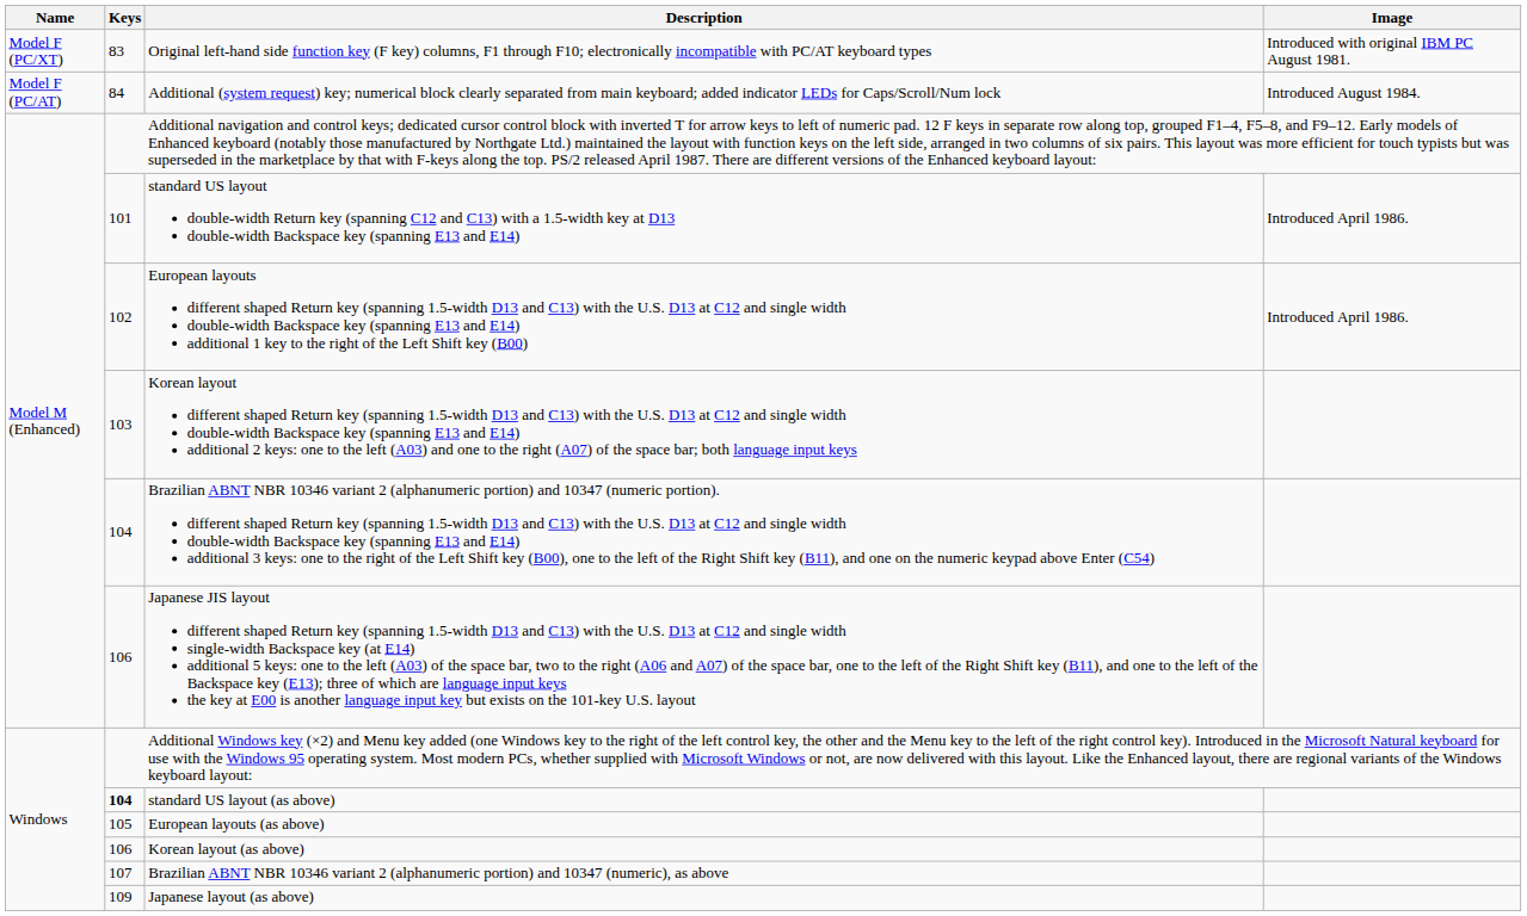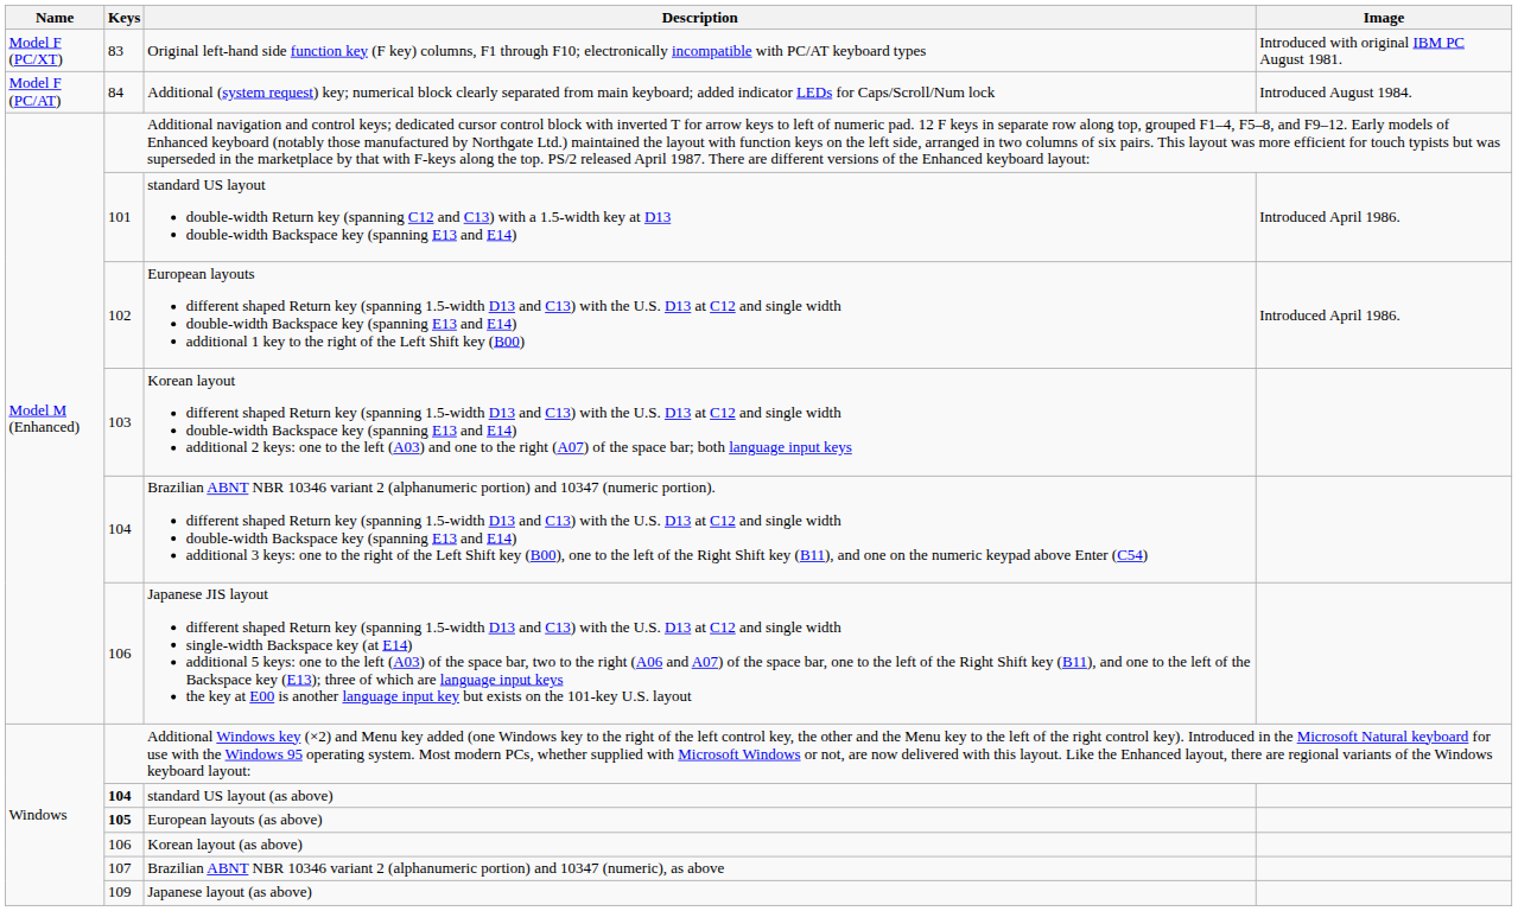 <table class="wikitable">
 <tr>
 <th scope="col">Name</th>
 <th>Keys</th>
 <th>Description</th>
 <th>Image</th>
 </tr>
 <tr>
 <td><a href='#'>Model F</a> (<a href='#'>PC/XT</a>)</td>
 <td>83</td>
 <td>Original left-hand side <a href='#'>function key</a> (F key) columns, F1 through F10; electronically <a href='#'>incompatible</a> with PC/AT keyboard types</td>
 <td> Introduced with original <a href='#'>IBM PC</a> August 1981.</td>
 </tr>
 <tr>
 <td><a href='#'>Model F</a> (<a href='#'>PC/AT</a>)</td>
 <td>84</td>
 <td>Additional  (<a href='#'>system request</a>) key; numerical block clearly separated from main keyboard; added indicator <a href='#'>LEDs</a> for Caps/Scroll/Num lock</td>
 <td> Introduced August 1984.</td>
 </tr>
 <tr>
 <td rowspan="6"><a href='#'>Model M</a> (Enhanced)</td>
 <td style="border-right:none"></td>
 <td style="border-left:none" colspan= "3">Additional navigation and control keys; dedicated cursor control block with inverted T for arrow keys to left of numeric pad. 12 F keys in separate row along top, grouped F1–4, F5–8, and F9–12. Early models of Enhanced keyboard (notably those manufactured by Northgate Ltd.) maintained the layout with function keys on the left side, arranged in two columns of six pairs.  This layout was more efficient for touch typists but was superseded in the marketplace by that with F-keys along the top. PS/2 released April 1987. There are different versions of the Enhanced keyboard layout:</td>
 </tr>
 <tr>
 <td>101</td>
 <td>standard US layout<br><ul><li>double-width Return key (spanning <a href='#'>C12</a> and <a href='#'>C13</a>) with a 1.5-width key at <a href='#'>D13</a></li><li>double-width Backspace key (spanning <a href='#'>E13</a> and <a href='#'>E14</a>)</li></ul></td>
 <td> Introduced April 1986.</td>
 </tr>
 <tr>
 <td><span>102</span></td>
 <td>European layouts<br><ul><li>different shaped Return key (spanning 1.5-width <a href='#'>D13</a> and <a href='#'>C13</a>) with the U.S. <a href='#'>D13</a> at <a href='#'>C12</a> and single width</li><li>double-width Backspace key (spanning <a href='#'>E13</a> and <a href='#'>E14</a>)</li><li>additional 1 key to the right of the Left Shift key (<a href='#'>B00</a>)</li></ul></td>
 <td> Introduced April 1986.</td>
 </tr>
 <tr>
 <td>103</td>
 <td>Korean layout<br><ul><li>different shaped Return key (spanning 1.5-width <a href='#'>D13</a> and <a href='#'>C13</a>) with the U.S. <a href='#'>D13</a> at <a href='#'>C12</a> and single width</li><li>double-width Backspace key (spanning <a href='#'>E13</a> and <a href='#'>E14</a>)</li><li>additional 2 keys: one to the left (<a href='#'>A03</a>) and one to the right (<a href='#'>A07</a>) of the space bar; both <a href='#'>language input keys</a></li></ul></td>
 <td></td>
 </tr>
 <tr>
 <td>104</td>
 <td>Brazilian <a href='#'>ABNT</a> NBR 10346 variant 2 (alphanumeric portion) and 10347 (numeric portion).<br><ul><li>different shaped Return key (spanning 1.5-width <a href='#'>D13</a> and <a href='#'>C13</a>) with the U.S. <a href='#'>D13</a> at <a href='#'>C12</a> and single width</li><li>double-width Backspace key (spanning <a href='#'>E13</a> and <a href='#'>E14</a>)</li><li>additional 3 keys: one to the right of the Left Shift key (<a href='#'>B00</a>), one to the left of the Right Shift key (<a href='#'>B11</a>), and one on the numeric keypad above Enter (<a href='#'>C54</a>)</li></ul></td>
 <td></td>
 </tr>
 <tr>
 <td>106</td>
 <td>Japanese JIS layout<br><ul><li>different shaped Return key (spanning 1.5-width <a href='#'>D13</a> and <a href='#'>C13</a>) with the U.S. <a href='#'>D13</a> at <a href='#'>C12</a> and single width</li><li>single-width Backspace key (at <a href='#'>E14</a>)</li><li>additional 5 keys: one to the left (<a href='#'>A03</a>) of the space bar, two to the right (<a href='#'>A06</a> and <a href='#'>A07</a>) of the space bar, one to the left of the Right Shift key (<a href='#'>B11</a>), and one to the left of the Backspace key (<a href='#'>E13</a>); three of which are <a href='#'>language input keys</a></li><li>the key at <a href='#'>E00</a> is another <a href='#'>language input key</a> but exists on the 101-key U.S. layout</li></ul></td>
 <td></td>
 </tr>
 <tr>
 <td rowspan="6">Windows</td>
 <td style="border-right:none"></td>
 <td style="border-left:none" colspan="3">Additional <a href='#'>Windows key</a> (×2) and Menu key added (one Windows key to the right of the left control key, the other and the Menu key to the left of the right control key).  Introduced in the <a href='#'>Microsoft Natural keyboard</a> for use with the <a href='#'>Windows 95</a> operating system. Most modern PCs, whether supplied with <a href='#'>Microsoft Windows</a> or not, are now delivered with this layout.  Like the Enhanced layout, there are regional variants of the Windows keyboard layout:</td>
 </tr>
 <tr>
 <td><strong>104</strong></td>
 <td>standard US layout (as above)</td>
 <td></td>
 </tr>
 <tr>
-<td>105</td>
+<td><strong>105</strong></td>
 <td>European layouts (as above)</td>
 <td></td>
 </tr>
 <tr>
 <td>106</td>
 <td>Korean layout (as above)</td>
 <td></td>
 </tr>
 <tr>
 <td>107</td>
 <td>Brazilian <a href='#'>ABNT</a> NBR 10346 variant 2 (alphanumeric portion) and 10347 (numeric), as above</td>
 <td></td>
 </tr>
 <tr>
 <td>109</td>
 <td>Japanese layout (as above)</td>
 <td></td>
 </tr>
 </table>
